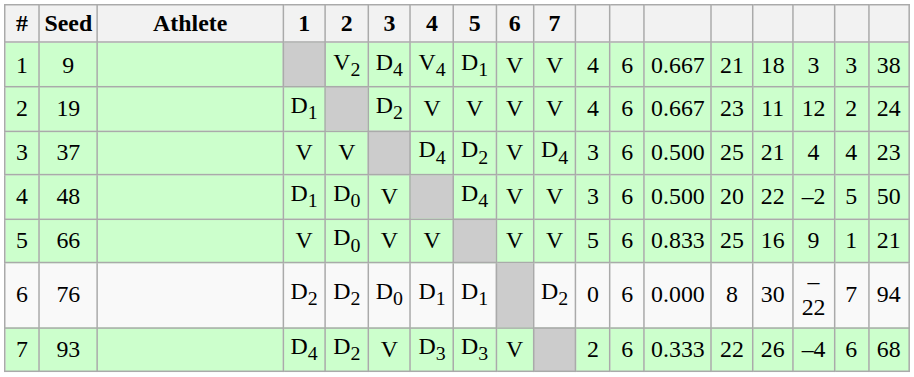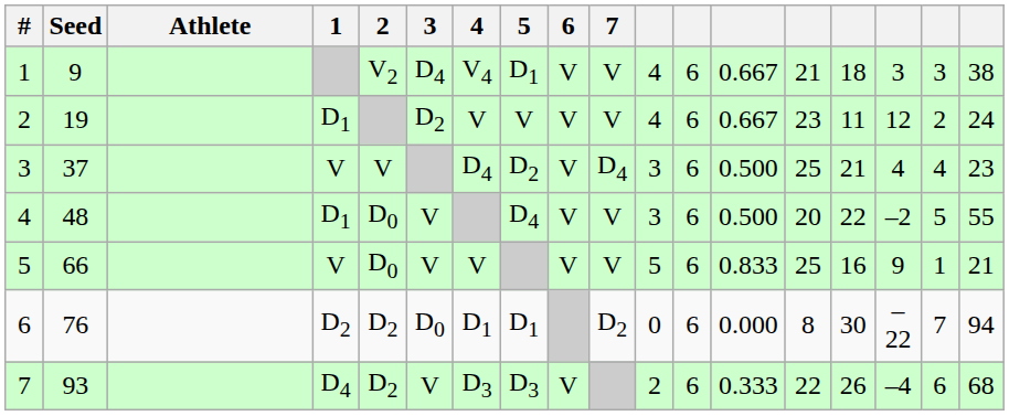 <table class="wikitable" style="text-align:center">
 <tr>
 <th width="25">#</th>
 <th width="25">Seed</th>
 <th width="200">Athlete</th>
 <th width="25">1</th>
 <th width="25">2</th>
 <th width="25">3</th>
 <th width="25">4</th>
 <th width="25">5</th>
 <th width="25">6</th>
 <th width="25">7</th>
 <th width="25"></th>
 <th width="25"></th>
 <th width="40"></th>
 <th width="25"></th>
 <th width="25"></th>
 <th width="25"></th>
 <th width="25"></th>
 <th width="25"></th>
 </tr>
 <tr bgcolor="ccffcc">
 <td>1</td>
 <td>9</td>
 <td align=left></td>
 <td bgcolor="#cccccc"></td>
 <td>V<sub>2</sub></td>
 <td>D<sub>4</sub></td>
 <td>V<sub>4</sub></td>
 <td>D<sub>1</sub></td>
 <td>V</td>
 <td>V</td>
 <td>4</td>
 <td>6</td>
 <td>0.667</td>
 <td>21</td>
 <td>18</td>
 <td>3</td>
 <td>3</td>
 <td>38</td>
 </tr>
 <tr bgcolor="ccffcc">
 <td>2</td>
 <td>19</td>
 <td align=left></td>
 <td>D<sub>1</sub></td>
 <td bgcolor="#cccccc"></td>
 <td>D<sub>2</sub></td>
 <td>V</td>
 <td>V</td>
 <td>V</td>
 <td>V</td>
 <td>4</td>
 <td>6</td>
 <td>0.667</td>
 <td>23</td>
 <td>11</td>
 <td>12</td>
 <td>2</td>
 <td>24</td>
 </tr>
 <tr bgcolor="ccffcc">
 <td>3</td>
 <td>37</td>
 <td align=left></td>
 <td>V</td>
 <td>V</td>
 <td bgcolor="#cccccc"></td>
 <td>D<sub>4</sub></td>
 <td>D<sub>2</sub></td>
 <td>V</td>
 <td>D<sub>4</sub></td>
 <td>3</td>
 <td>6</td>
 <td>0.500</td>
 <td>25</td>
 <td>21</td>
 <td>4</td>
 <td>4</td>
 <td>23</td>
 </tr>
 <tr bgcolor="ccffcc">
 <td>4</td>
 <td>48</td>
 <td align=left></td>
 <td>D<sub>1</sub></td>
 <td>D<sub>0</sub></td>
 <td>V</td>
 <td bgcolor="#cccccc"></td>
 <td>D<sub>4</sub></td>
 <td>V</td>
 <td>V</td>
 <td>3</td>
 <td>6</td>
 <td>0.500</td>
 <td>20</td>
 <td>22</td>
 <td>–2</td>
 <td>5</td>
-<td>50</td>
+<td>55</td>
 </tr>
 <tr bgcolor="ccffcc">
 <td>5</td>
 <td>66</td>
 <td align=left></td>
 <td>V</td>
 <td>D<sub>0</sub></td>
 <td>V</td>
 <td>V</td>
 <td bgcolor="#cccccc"></td>
 <td>V</td>
 <td>V</td>
 <td>5</td>
 <td>6</td>
 <td>0.833</td>
 <td>25</td>
 <td>16</td>
 <td>9</td>
 <td>1</td>
 <td>21</td>
 </tr>
 <tr>
 <td>6</td>
 <td>76</td>
 <td align=left></td>
 <td>D<sub>2</sub></td>
 <td>D<sub>2</sub></td>
 <td>D<sub>0</sub></td>
 <td>D<sub>1</sub></td>
 <td>D<sub>1</sub></td>
 <td bgcolor="#cccccc"></td>
 <td>D<sub>2</sub></td>
 <td>0</td>
 <td>6</td>
 <td>0.000</td>
 <td>8</td>
 <td>30</td>
 <td>–22</td>
 <td>7</td>
 <td>94</td>
 </tr>
 <tr bgcolor="ccffcc">
 <td>7</td>
 <td>93</td>
 <td align=left></td>
 <td>D<sub>4</sub></td>
 <td>D<sub>2</sub></td>
 <td>V</td>
 <td>D<sub>3</sub></td>
 <td>D<sub>3</sub></td>
 <td>V</td>
 <td bgcolor="#cccccc"></td>
 <td>2</td>
 <td>6</td>
 <td>0.333</td>
 <td>22</td>
 <td>26</td>
 <td>–4</td>
 <td>6</td>
 <td>68</td>
 </tr>
 </table>
